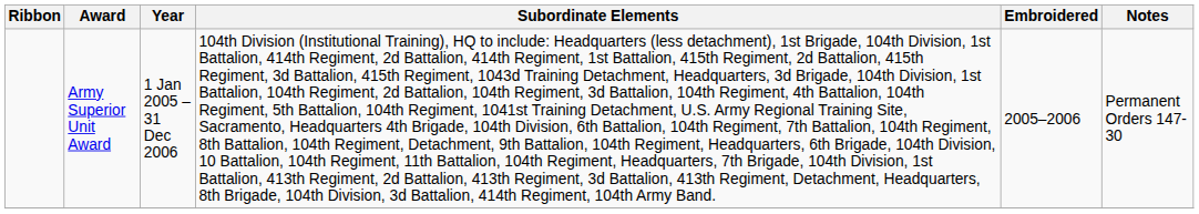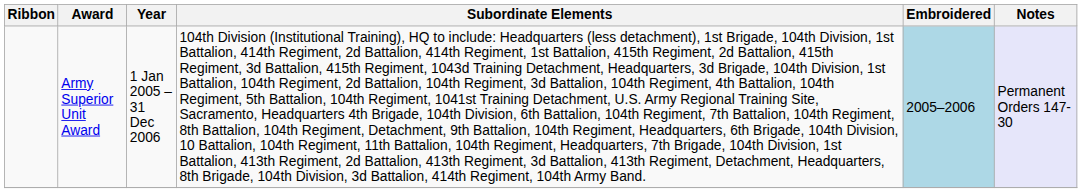 <table class="wikitable">
 <tr style="background:#efefef;">
 <th>Ribbon</th>
 <th>Award</th>
 <th>Year</th>
 <th>Subordinate Elements</th>
 <th>Embroidered</th>
 <th>Notes</th>
 </tr>
 <tr>
 <td></td>
 <td><a href='#'>Army Superior Unit Award</a></td>
 <td>1 Jan 2005 – 31 Dec 2006</td>
 <td>104th Division (Institutional Training), HQ to include: Headquarters (less detachment), 1st Brigade, 104th Division, 1st Battalion, 414th Regiment, 2d Battalion, 414th Regiment, 1st Battalion, 415th Regiment, 2d Battalion, 415th Regiment, 3d Battalion, 415th Regiment, 1043d Training Detachment, Headquarters, 3d Brigade, 104th Division, 1st Battalion, 104th Regiment, 2d Battalion, 104th Regiment, 3d Battalion, 104th Regiment, 4th Battalion, 104th Regiment, 5th Battalion, 104th Regiment, 1041st Training Detachment, U.S. Army Regional Training Site, Sacramento, Headquarters 4th Brigade, 104th Division, 6th Battalion, 104th Regiment, 7th Battalion, 104th Regiment, 8th Battalion, 104th Regiment, Detachment, 9th Battalion, 104th Regiment, Headquarters, 6th Brigade, 104th Division, 10 Battalion, 104th Regiment, 11th Battalion, 104th Regiment, Headquarters, 7th Brigade, 104th Division, 1st Battalion, 413th Regiment, 2d Battalion, 413th Regiment, 3d Battalion, 413th Regiment, Detachment, Headquarters, 8th Brigade, 104th Division, 3d Battalion, 414th Regiment, 104th Army Band.</td>
-<td>2005–2006</td>
-<td>Permanent Orders 147-30</td>
+<td style="background: lightblue;">2005–2006</td>
+<td style="background: lavender;">Permanent Orders 147-30</td>
 </tr>
 <tr>
 </tr>
 </table>
